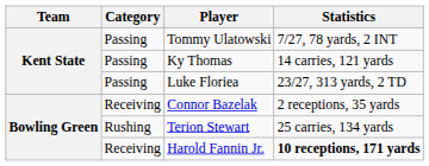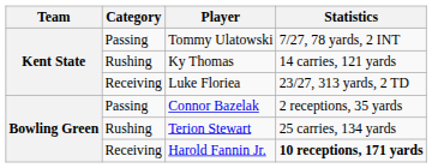 <table class="wikitable" style="float:right">
 <tr>
 <th>Team</th>
 <th>Category</th>
 <th>Player</th>
 <th>Statistics</th>
 </tr>
 <tr>
 <th rowspan=3>Kent State</th>
 <td>Passing</td>
 <td>Tommy Ulatowski</td>
 <td>7/27, 78 yards, 2 INT</td>
 </tr>
 <tr>
-<td>Passing</td>
+<td>Rushing</td>
 <td>Ky Thomas</td>
 <td>14 carries, 121 yards</td>
 </tr>
 <tr>
-<td>Passing</td>
+<td>Receiving</td>
 <td>Luke Floriea</td>
 <td>23/27, 313 yards, 2 TD</td>
 </tr>
 <tr>
 <th rowspan=3>Bowling Green</th>
-<td>Receiving</td>
+<td>Passing</td>
 <td><a href='#'>Connor Bazelak</a></td>
 <td>2 receptions, 35 yards</td>
 </tr>
 <tr>
 <td>Rushing</td>
 <td><a href='#'>Terion Stewart</a></td>
 <td>25 carries, 134 yards</td>
 </tr>
 <tr>
 <td>Receiving</td>
 <td><a href='#'>Harold Fannin Jr.</a></td>
 <td><strong>10 receptions, 171 yards</strong></td>
 </tr>
 </table>
